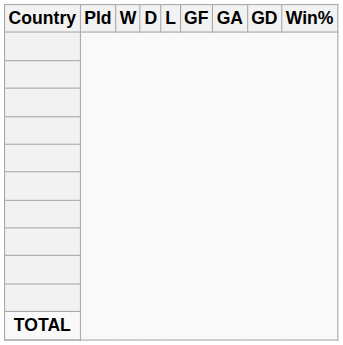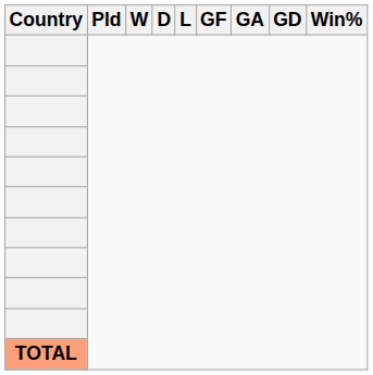 <table class="wikitable sortable plainrowheaders" style="text-align:center">
 <tr>
 <th scope="col">Country</th>
 <th scope="col">Pld</th>
 <th scope="col">W</th>
 <th scope="col">D</th>
 <th scope="col">L</th>
 <th scope="col">GF</th>
 <th scope="col">GA</th>
 <th scope="col">GD</th>
 <th scope="col">Win%</th>
 </tr>
 <tr>
 <th scope="row" align=left><br></th>
 </tr>
 <tr>
 <th scope="row" align=left><br></th>
 </tr>
 <tr>
 <th scope="row" align=left><br></th>
 </tr>
 <tr>
 <th scope="row" align=left><br></th>
 </tr>
 <tr>
 <th scope="row" align=left><br></th>
 </tr>
 <tr>
 <th scope="row" align=left><br></th>
 </tr>
 <tr>
 <th scope="row" align=left><br></th>
 </tr>
 <tr>
 <th scope="row" align=left><br></th>
 </tr>
 <tr>
 <th scope="row" align=left><br></th>
 </tr>
 <tr>
 <th scope="row" align=left><br></th>
 </tr>
 <tr>
-<td><strong>TOTAL</strong><br></td>
+<td style="background: lightsalmon;"><strong>TOTAL</strong><br></td>
 </tr>
 <tr>
 </tr>
 </table>
